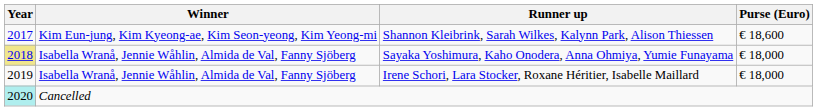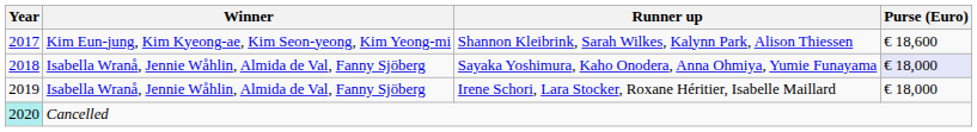 <table class="wikitable">
 <tr>
 <th scope="col">Year</th>
 <th scope="col">Winner</th>
 <th scope="col">Runner up</th>
 <th scope="col">Purse (Euro)</th>
 </tr>
 <tr>
 <td><a href='#'>2017</a></td>
 <td> <a href='#'>Kim Eun-jung</a>, <a href='#'>Kim Kyeong-ae</a>, <a href='#'>Kim Seon-yeong</a>, <a href='#'>Kim Yeong-mi</a></td>
 <td> <a href='#'>Shannon Kleibrink</a>, <a href='#'>Sarah Wilkes</a>, <a href='#'>Kalynn Park</a>, <a href='#'>Alison Thiessen</a></td>
 <td>€ 18,600</td>
 </tr>
 <tr>
-<td style="background: khaki;"><a href='#'>2018</a></td>
+<td><a href='#'>2018</a></td>
 <td> <a href='#'>Isabella Wranå</a>, <a href='#'>Jennie Wåhlin</a>, <a href='#'>Almida de Val</a>, <a href='#'>Fanny Sjöberg</a></td>
 <td> <a href='#'>Sayaka Yoshimura</a>, <a href='#'>Kaho Onodera</a>, <a href='#'>Anna Ohmiya</a>, <a href='#'>Yumie Funayama</a></td>
-<td>€ 18,000</td>
+<td style="background: lavender;">€ 18,000</td>
 </tr>
 <tr>
 <td>2019</td>
 <td> <a href='#'>Isabella Wranå</a>, <a href='#'>Jennie Wåhlin</a>, <a href='#'>Almida de Val</a>, <a href='#'>Fanny Sjöberg</a></td>
 <td> <a href='#'>Irene Schori</a>, <a href='#'>Lara Stocker</a>, Roxane Héritier, Isabelle Maillard</td>
 <td>€ 18,000</td>
 </tr>
 <tr>
 <td style="background: paleturquoise;">2020</td>
 <td colspan="3"><em>Cancelled</em></td>
 </tr>
 </table>
